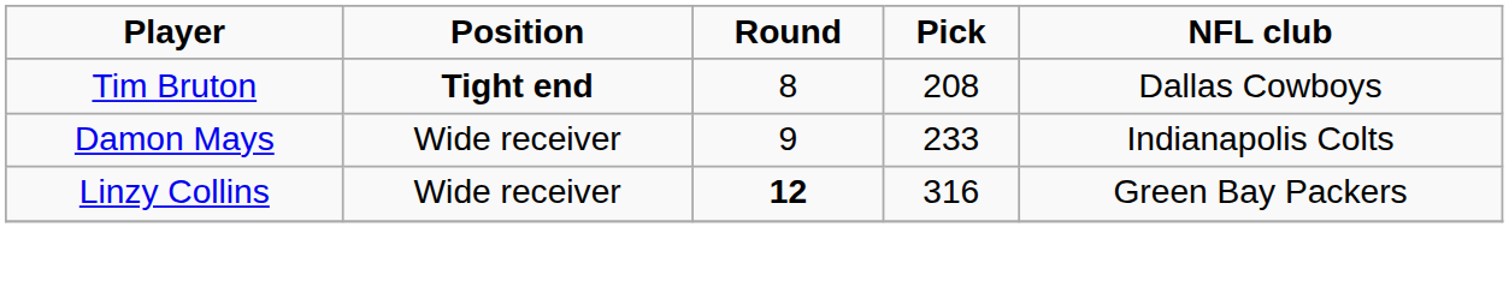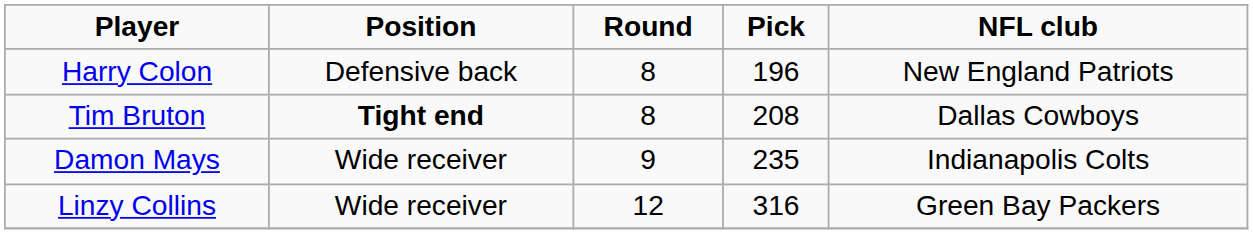 <table class="wikitable" width="80%">
 <tr align="center">
 <td><strong>Player</strong></td>
 <td><strong>Position</strong></td>
 <td><strong>Round</strong></td>
 <td><strong>Pick</strong></td>
 <td><strong>NFL club</strong></td>
+</tr>
+<tr align="center" bgcolor="">
+<td><a href='#'>Harry Colon</a></td>
+<td>Defensive back</td>
+<td>8</td>
+<td>196</td>
+<td>New England Patriots</td>
 </tr>
 <tr align="center" bgcolor="">
 <td><a href='#'>Tim Bruton</a></td>
 <td><strong>Tight end</strong></td>
 <td>8</td>
 <td>208</td>
 <td>Dallas Cowboys</td>
 </tr>
 <tr align="center" bgcolor="">
 <td><a href='#'>Damon Mays</a></td>
 <td>Wide receiver</td>
 <td>9</td>
-<td>233</td>
+<td>235</td>
 <td>Indianapolis Colts</td>
 </tr>
 <tr align="center" bgcolor="">
 <td><a href='#'>Linzy Collins</a></td>
 <td>Wide receiver</td>
-<td><strong>12</strong></td>
+<td>12</td>
 <td>316</td>
 <td>Green Bay Packers</td>
 </tr>
 <tr align="center" bgcolor="">
 </tr>
 </table>
